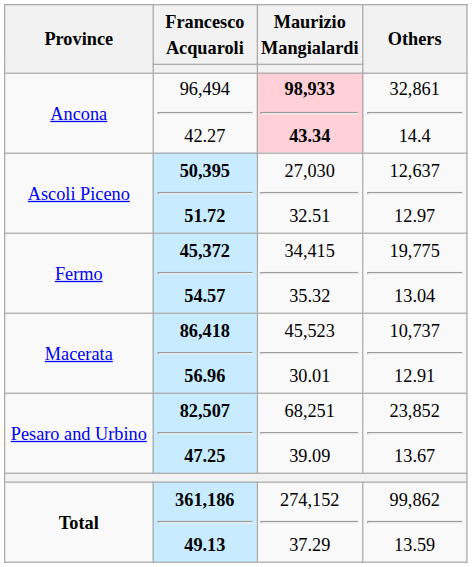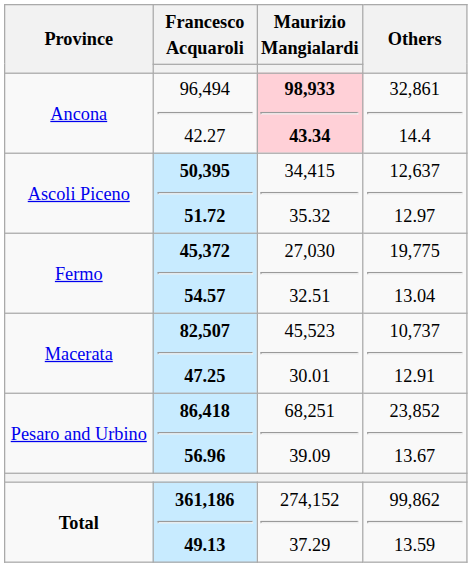 <table class="wikitable" style="text-align:center;font-size:90%;line-height:20px">
 <tr style="height:30px; background-color:#E9E9E9">
 <th style="width:110px;" rowspan="2">Province</th>
 <th style="width:75px;">Francesco Acquaroli</th>
 <th style="width:75px;">Maurizio Mangialardi</th>
 <th rowspan="2" style="width:75px;">Others</th>
 </tr>
 <tr>
 <th style="background:"></th>
 <th style="background:"></th>
 </tr>
 <tr>
 <td><a href='#'>Ancona</a></td>
 <td>96,494 <hr>42.27</td>
 <td style="background:#FFD0D7"><strong>98,933 <hr>43.34</strong></td>
 <td>32,861 <hr>14.4</td>
 </tr>
 <tr>
 <td><a href='#'>Ascoli Piceno</a></td>
 <td style="background:#C8EBFF"><strong>50,395 <hr>51.72</strong></td>
-<td>27,030 <hr>32.51</td>
+<td>34,415 <hr>35.32</td>
 <td>12,637 <hr>12.97</td>
 </tr>
 <tr>
 <td><a href='#'>Fermo</a></td>
 <td style="background:#C8EBFF"><strong>45,372 <hr>54.57</strong></td>
-<td>34,415 <hr>35.32</td>
+<td>27,030 <hr>32.51</td>
 <td>19,775 <hr>13.04</td>
 </tr>
 <tr>
 <td><a href='#'>Macerata</a></td>
-<td style="background:#C8EBFF"><strong>86,418 <hr>56.96</strong></td>
+<td style="background:#C8EBFF"><strong>82,507 <hr>47.25</strong></td>
 <td>45,523 <hr>30.01</td>
 <td>10,737 <hr>12.91</td>
 </tr>
 <tr>
 <td><a href='#'>Pesaro and Urbino</a></td>
-<td style="background:#C8EBFF"><strong>82,507 <hr>47.25</strong></td>
+<td style="background:#C8EBFF"><strong>86,418 <hr>56.96</strong></td>
 <td>68,251 <hr>39.09</td>
 <td>23,852 <hr>13.67</td>
 </tr>
 <tr>
 <th colspan=4></th>
 </tr>
 <tr>
 <td><strong>Total</strong></td>
 <td style="background:#C8EBFF"><strong>361,186 <hr>49.13</strong></td>
 <td>274,152 <hr>37.29</td>
 <td>99,862 <hr>13.59</td>
 </tr>
 </table>
